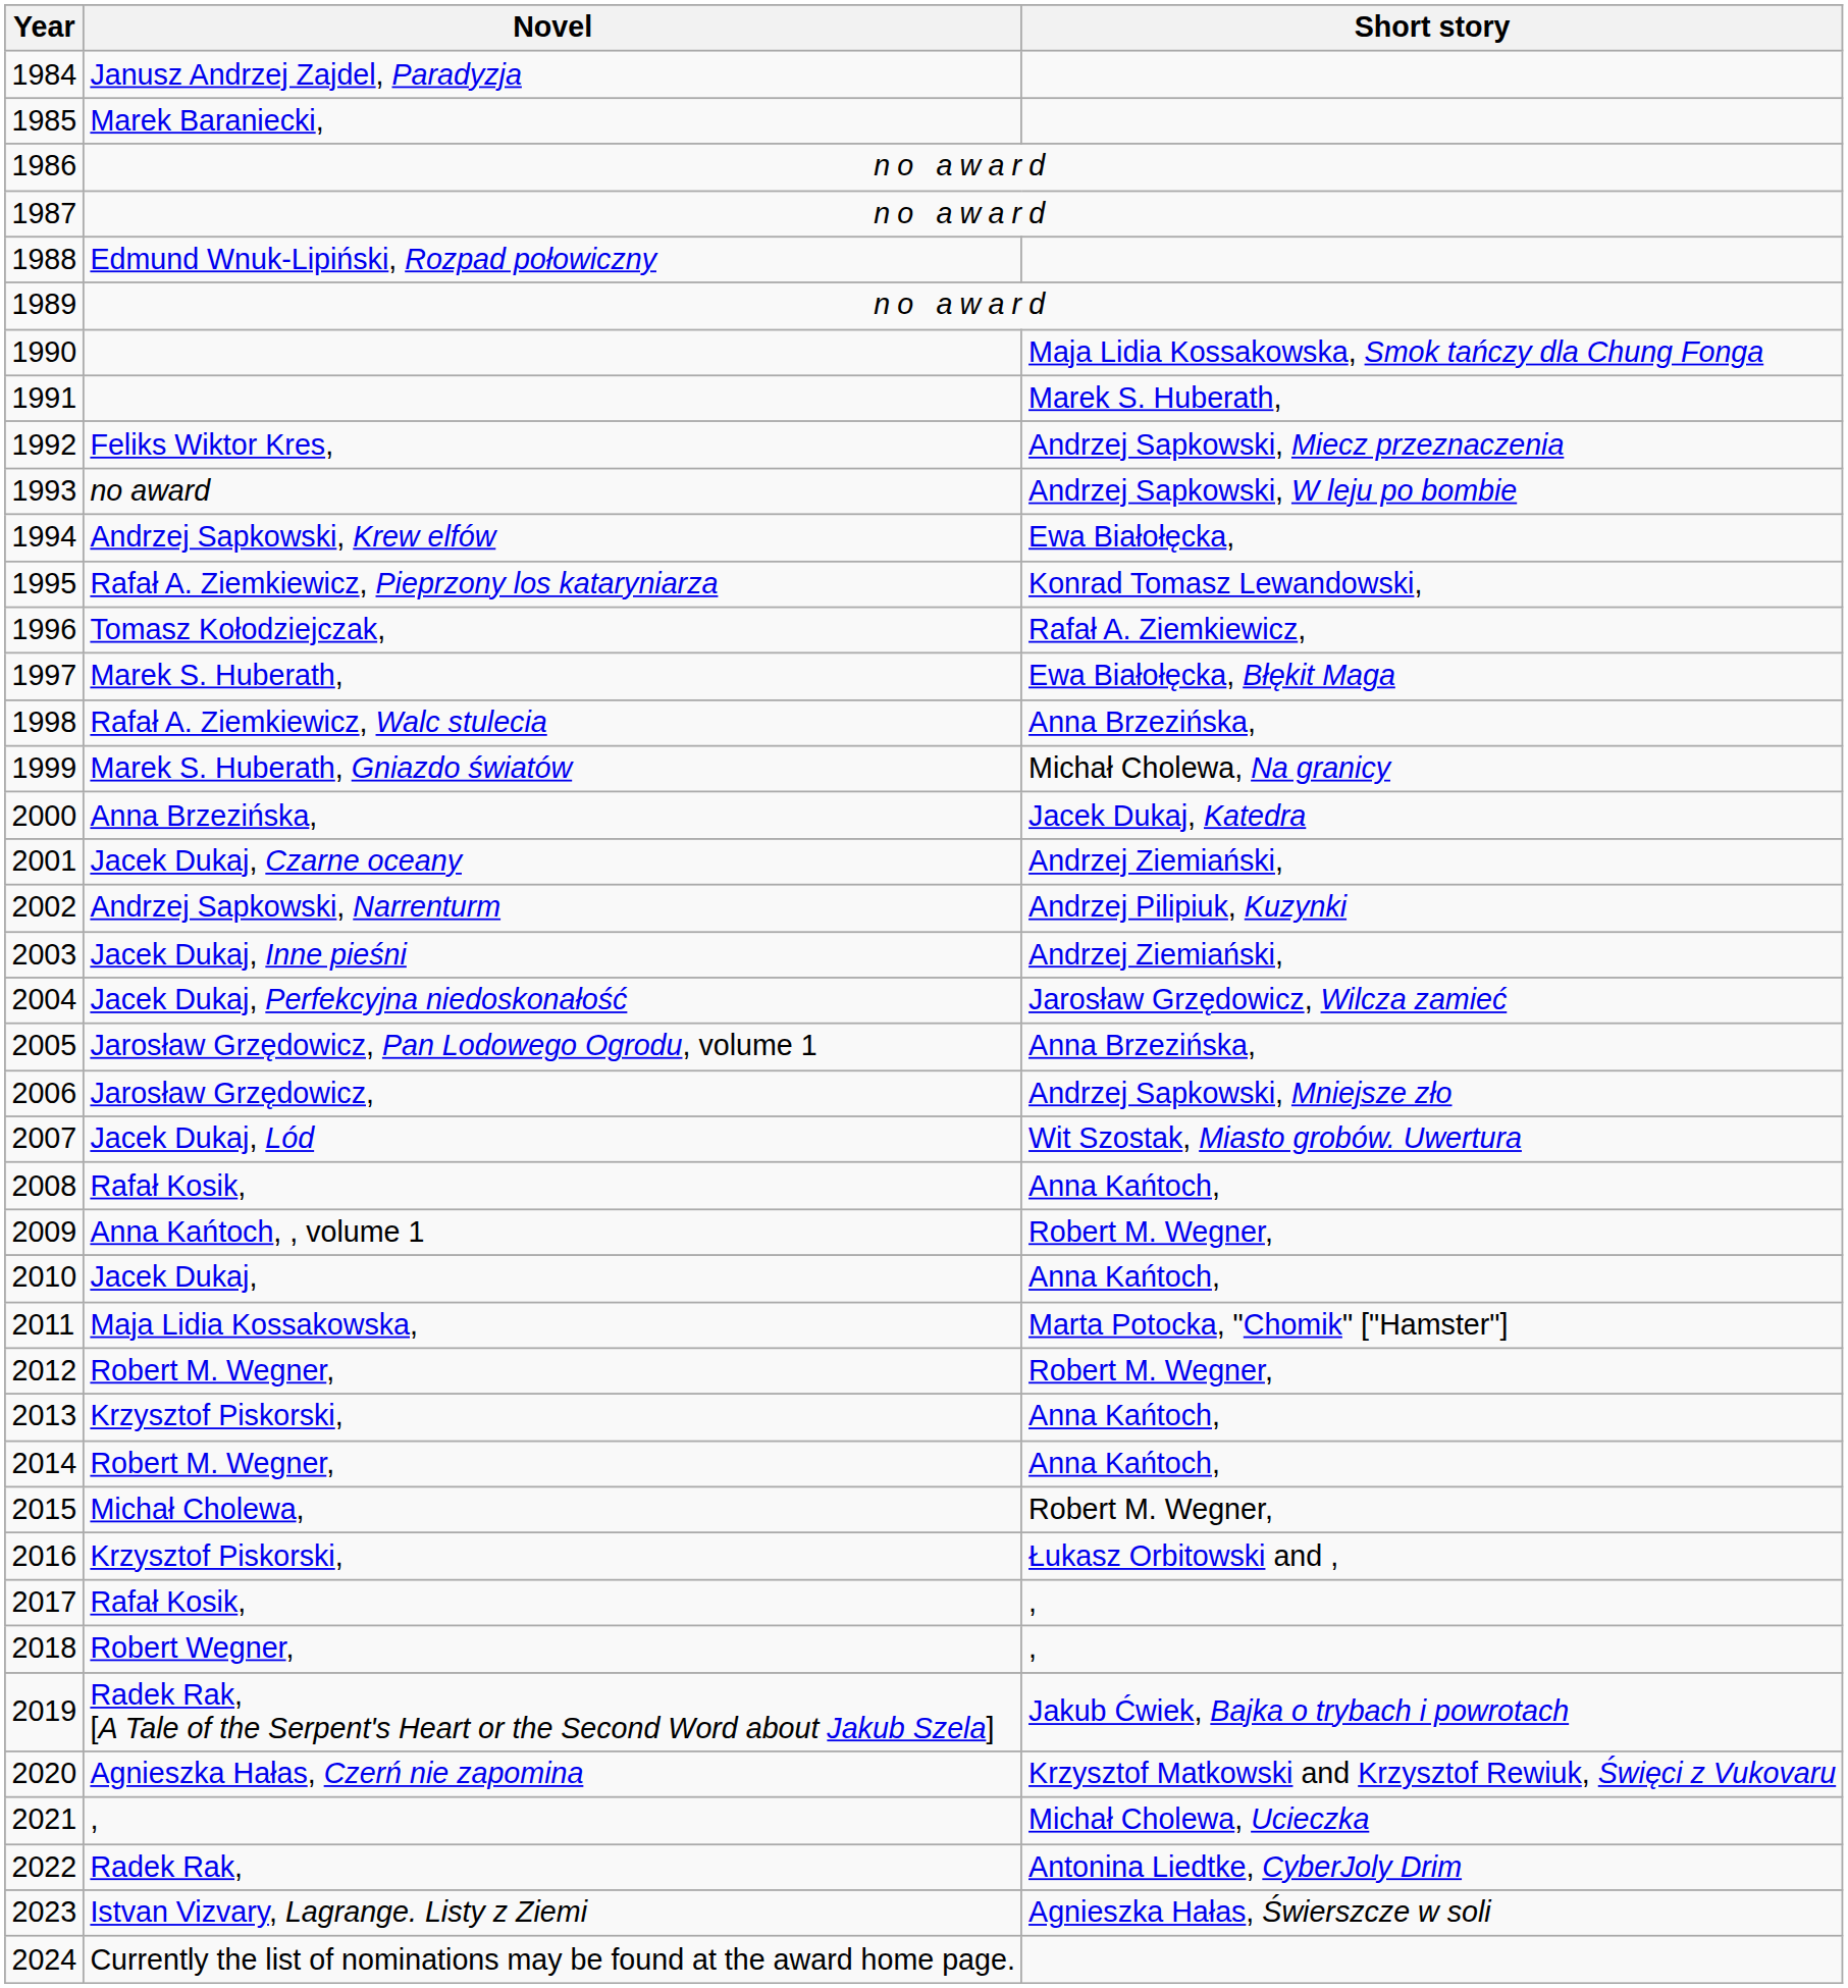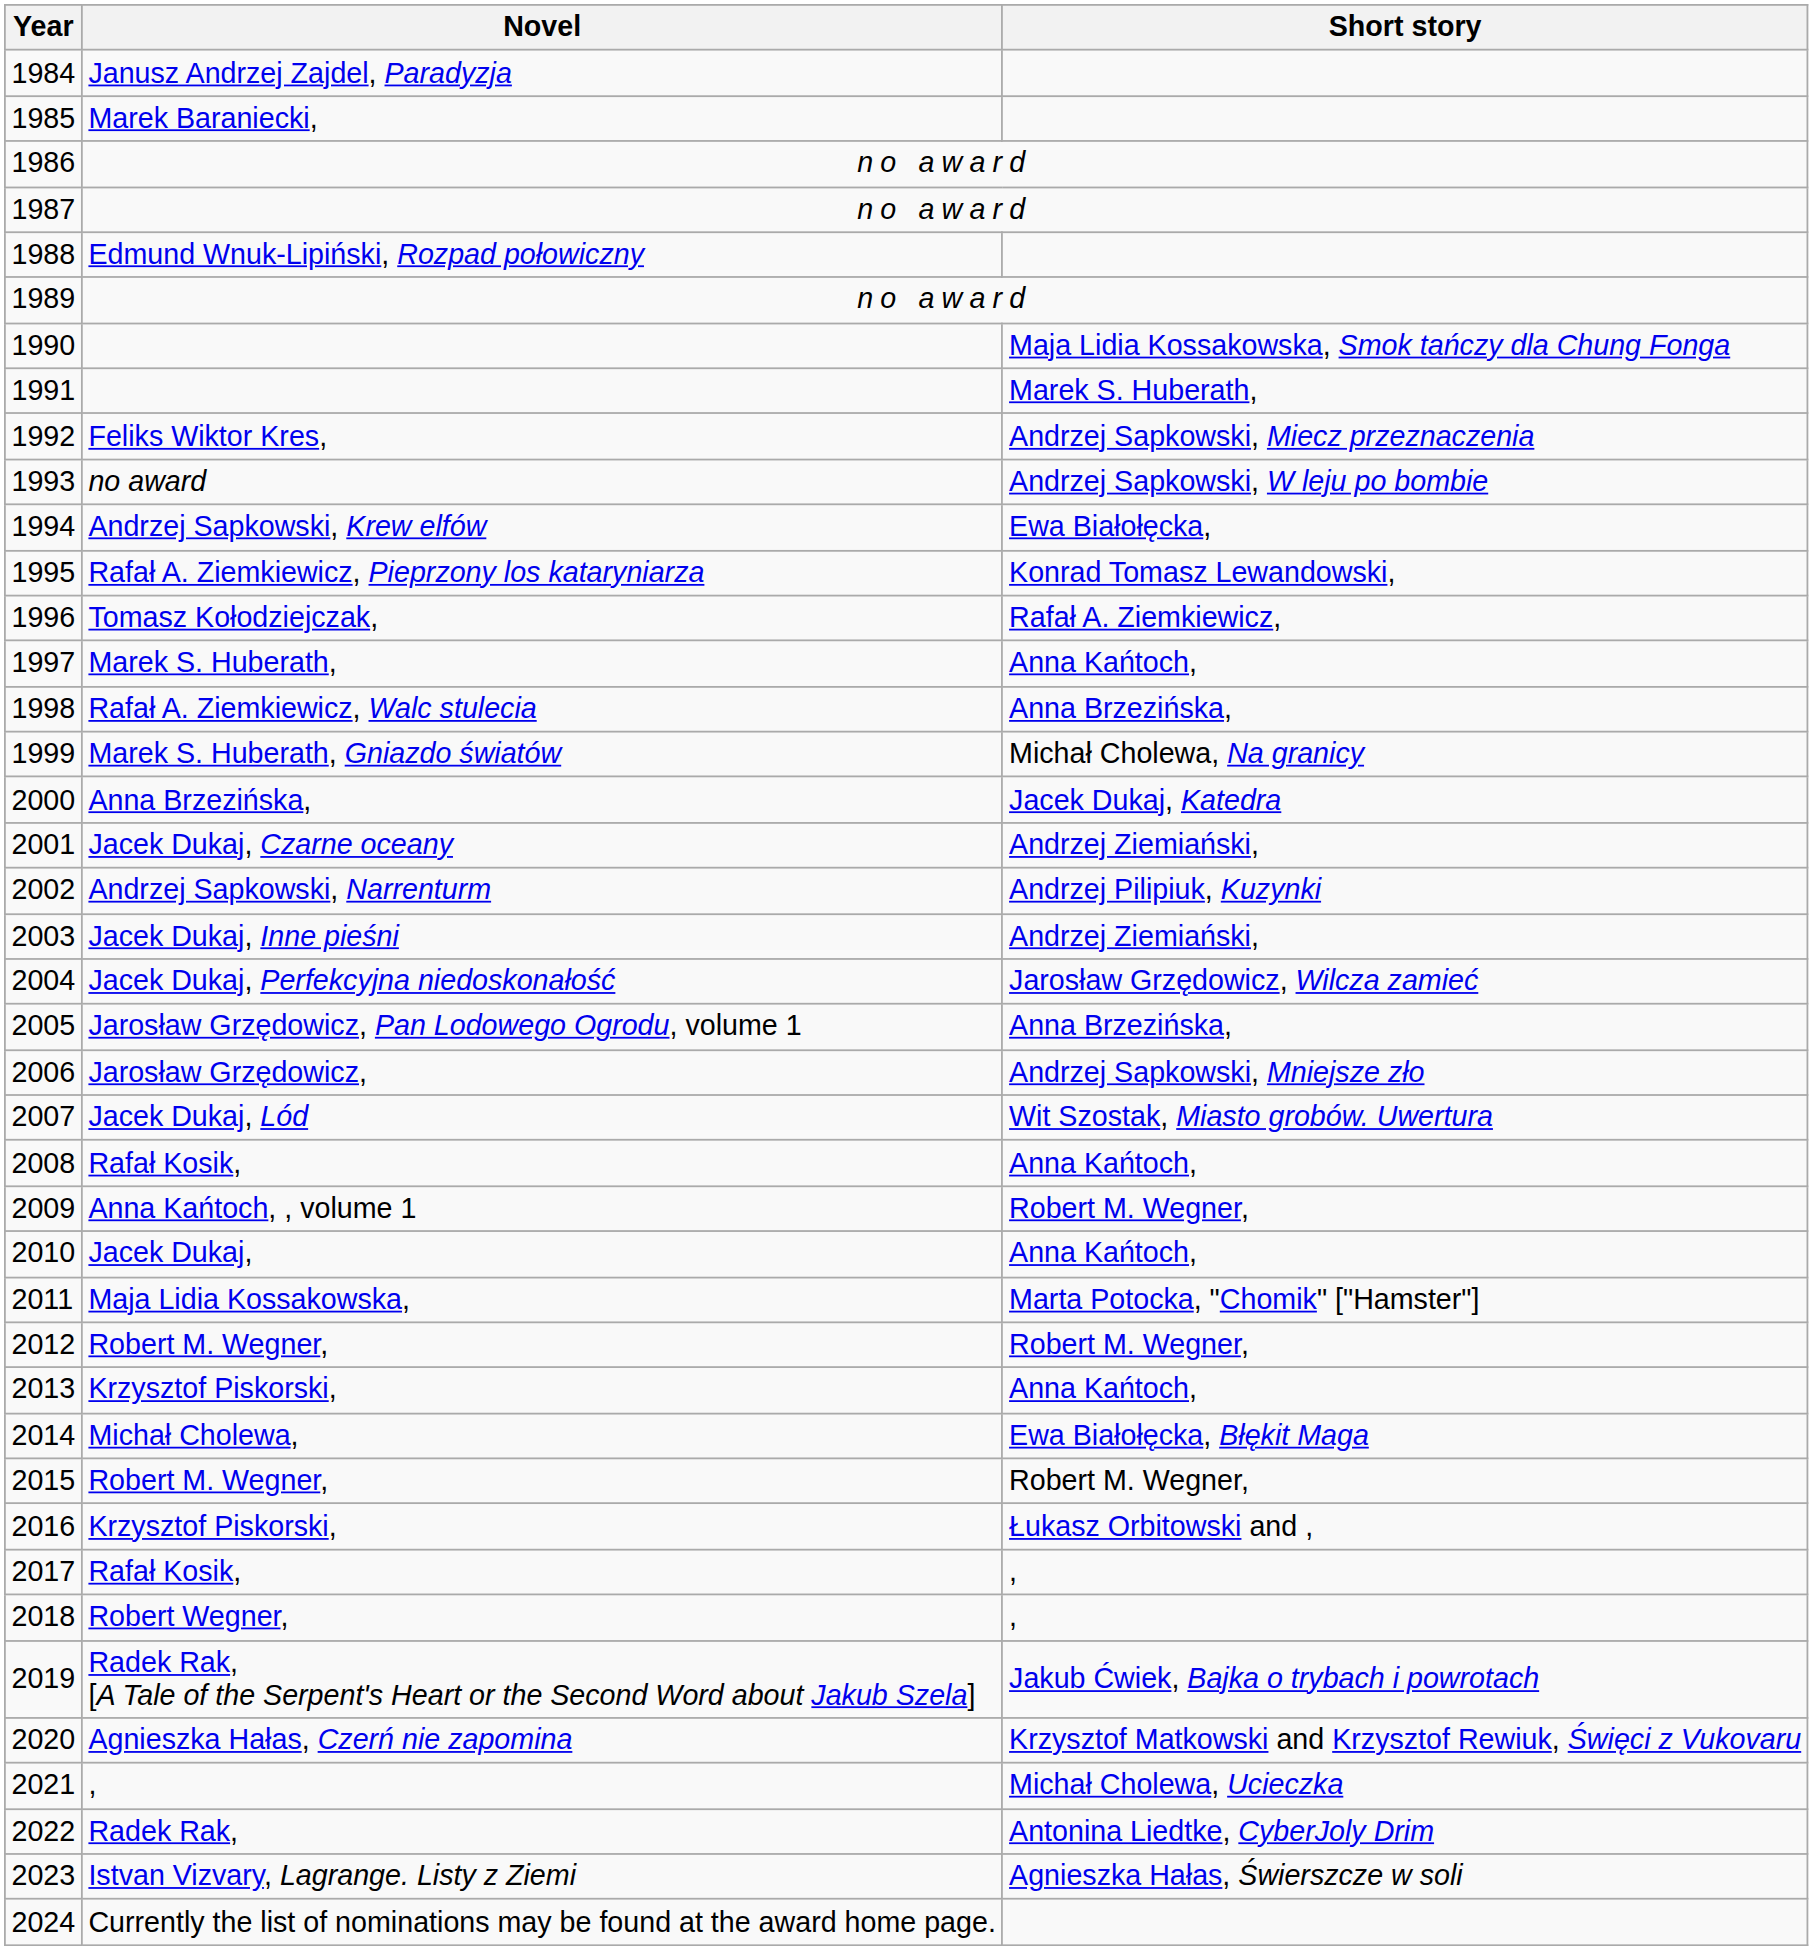 <table class="wikitable">
 <tr>
 <th>Year</th>
 <th>Novel</th>
 <th>Short story</th>
 </tr>
 <tr>
 <td>1984</td>
 <td><a href='#'>Janusz Andrzej Zajdel</a>, <em><a href='#'>Paradyzja</a></em></td>
 <td></td>
 </tr>
 <tr>
 <td>1985</td>
 <td><a href='#'>Marek Baraniecki</a>, <em></em></td>
 </tr>
 <tr>
 <td>1986</td>
 <td colspan=2 style="text-align:center;letter-spacing: 0.25em"><em>no award</em></td>
 </tr>
 <tr>
 <td>1987</td>
 <td colspan=2 style="text-align:center;letter-spacing: 0.25em"><em>no award</em></td>
 </tr>
 <tr>
 <td>1988</td>
 <td><a href='#'>Edmund Wnuk-Lipiński</a>, <em><a href='#'>Rozpad połowiczny</a></em></td>
 <td></td>
 </tr>
 <tr>
 <td>1989</td>
 <td colspan=2 style="text-align:center;letter-spacing: 0.25em"><em>no award</em></td>
 </tr>
 <tr>
 <td>1990</td>
 <td></td>
 <td><a href='#'>Maja Lidia Kossakowska</a>, <em><a href='#'>Smok tańczy dla Chung Fonga</a></em></td>
 </tr>
 <tr>
 <td>1991</td>
 <td></td>
 <td><a href='#'>Marek S. Huberath</a>, <em></em></td>
 </tr>
 <tr>
 <td>1992</td>
 <td><a href='#'>Feliks Wiktor Kres</a>, <em></em></td>
 <td><a href='#'>Andrzej Sapkowski</a>, <em><a href='#'>Miecz przeznaczenia</a></em></td>
 </tr>
 <tr>
 <td>1993</td>
 <td><em>no award</em></td>
 <td><a href='#'>Andrzej Sapkowski</a>, <em><a href='#'>W leju po bombie</a></em></td>
 </tr>
 <tr>
 <td>1994</td>
 <td><a href='#'>Andrzej Sapkowski</a>, <em><a href='#'>Krew elfów</a></em></td>
 <td><a href='#'>Ewa Białołęcka</a>, <em></em></td>
 </tr>
 <tr>
 <td>1995</td>
 <td><a href='#'>Rafał A. Ziemkiewicz</a>, <em><a href='#'>Pieprzony los kataryniarza</a></em></td>
 <td><a href='#'>Konrad Tomasz Lewandowski</a>, <em></em></td>
 </tr>
 <tr>
 <td>1996</td>
 <td><a href='#'>Tomasz Kołodziejczak</a>, <em></em></td>
 <td><a href='#'>Rafał A. Ziemkiewicz</a>, <em></em></td>
 </tr>
 <tr>
 <td>1997</td>
 <td><a href='#'>Marek S. Huberath</a>, <em></em></td>
-<td><a href='#'>Ewa Białołęcka</a>, <em><a href='#'>Błękit Maga</a></em></td>
+<td><a href='#'>Anna Kańtoch</a>, <em></em></td>
 </tr>
 <tr>
 <td>1998</td>
 <td><a href='#'>Rafał A. Ziemkiewicz</a>, <em><a href='#'>Walc stulecia</a></em></td>
 <td><a href='#'>Anna Brzezińska</a>, <em></em></td>
 </tr>
 <tr>
 <td>1999</td>
 <td><a href='#'>Marek S. Huberath</a>, <em><a href='#'>Gniazdo światów</a></em></td>
 <td>Michał Cholewa, <em><a href='#'>Na granicy</a></em></td>
 </tr>
 <tr>
 <td>2000</td>
 <td><a href='#'>Anna Brzezińska</a>, <em></em></td>
 <td><a href='#'>Jacek Dukaj</a>, <em><a href='#'>Katedra</a></em></td>
 </tr>
 <tr>
 <td>2001</td>
 <td><a href='#'>Jacek Dukaj</a>, <em><a href='#'>Czarne oceany</a></em></td>
 <td><a href='#'>Andrzej Ziemiański</a>, <em></em></td>
 </tr>
 <tr>
 <td>2002</td>
 <td><a href='#'>Andrzej Sapkowski</a>, <em><a href='#'>Narrenturm</a></em></td>
 <td><a href='#'>Andrzej Pilipiuk</a>, <em><a href='#'>Kuzynki</a></em></td>
 </tr>
 <tr>
 <td>2003</td>
 <td><a href='#'>Jacek Dukaj</a>, <em><a href='#'>Inne pieśni</a></em></td>
 <td><a href='#'>Andrzej Ziemiański</a>, <em></em></td>
 </tr>
 <tr>
 <td>2004</td>
 <td><a href='#'>Jacek Dukaj</a>, <em><a href='#'>Perfekcyjna niedoskonałość</a></em></td>
 <td><a href='#'>Jarosław Grzędowicz</a>, <em><a href='#'>Wilcza zamieć</a></em></td>
 </tr>
 <tr>
 <td>2005</td>
 <td><a href='#'>Jarosław Grzędowicz</a>, <em><a href='#'>Pan Lodowego Ogrodu</a></em>, volume 1</td>
 <td><a href='#'>Anna Brzezińska</a>, <em></em></td>
 </tr>
 <tr>
 <td>2006</td>
 <td><a href='#'>Jarosław Grzędowicz</a>, <em></em></td>
 <td><a href='#'>Andrzej Sapkowski</a>, <em><a href='#'>Mniejsze zło</a></em></td>
 </tr>
 <tr>
 <td>2007</td>
 <td><a href='#'>Jacek Dukaj</a>, <em><a href='#'>Lód</a></em></td>
 <td><a href='#'>Wit Szostak</a>, <em><a href='#'>Miasto grobów. Uwertura</a></em></td>
 </tr>
 <tr>
 <td>2008</td>
 <td><a href='#'>Rafał Kosik</a>, <em></em></td>
 <td><a href='#'>Anna Kańtoch</a>, <em></em></td>
 </tr>
 <tr>
 <td>2009</td>
 <td><a href='#'>Anna Kańtoch</a>, <em></em>, volume 1</td>
 <td><a href='#'>Robert M. Wegner</a>, <em></em></td>
 </tr>
 <tr>
 <td>2010</td>
 <td><a href='#'>Jacek Dukaj</a>, <em></em></td>
 <td><a href='#'>Anna Kańtoch</a>, <em></em></td>
 </tr>
 <tr>
 <td>2011</td>
 <td><a href='#'>Maja Lidia Kossakowska</a>, <em></em></td>
 <td><a href='#'>Marta Potocka</a>, "<a href='#'>Chomik</a>" ["Hamster"]</td>
 </tr>
 <tr>
 <td>2012</td>
 <td><a href='#'>Robert M. Wegner</a>, <em></em></td>
 <td><a href='#'>Robert M. Wegner</a>, <em></em></td>
 </tr>
 <tr>
 <td>2013</td>
 <td><a href='#'>Krzysztof Piskorski</a>, <em></em></td>
 <td><a href='#'>Anna Kańtoch</a>, <em></em></td>
 </tr>
 <tr>
 <td>2014</td>
-<td><a href='#'>Robert M. Wegner</a>, <em></em></td>
-<td><a href='#'>Anna Kańtoch</a>, <em></em></td>
+<td><a href='#'>Michał Cholewa</a>, <em></em></td>
+<td><a href='#'>Ewa Białołęcka</a>, <em><a href='#'>Błękit Maga</a></em></td>
 </tr>
 <tr>
 <td>2015</td>
-<td><a href='#'>Michał Cholewa</a>, <em></em></td>
+<td><a href='#'>Robert M. Wegner</a>, <em></em></td>
 <td>Robert M. Wegner, <em></em></td>
 </tr>
 <tr>
 <td>2016</td>
 <td><a href='#'>Krzysztof Piskorski</a>, <em></em></td>
 <td><a href='#'>Łukasz Orbitowski</a> and , <em></em></td>
 </tr>
 <tr>
 <td>2017</td>
 <td><a href='#'>Rafał Kosik</a>, <em></em></td>
 <td>, <em></em></td>
 </tr>
 <tr>
 <td>2018</td>
 <td><a href='#'>Robert Wegner</a>, <em></em></td>
 <td>, <em></em></td>
 </tr>
 <tr>
 <td>2019</td>
 <td><a href='#'>Radek Rak</a>, <em></em><br> [<em>A Tale of the Serpent's Heart or the Second Word about <a href='#'>Jakub Szela</a></em>]</td>
 <td><a href='#'>Jakub Ćwiek</a>, <em><a href='#'>Bajka o trybach i powrotach</a></em></td>
 </tr>
 <tr>
 <td>2020</td>
 <td><a href='#'>Agnieszka Hałas</a>, <em><a href='#'>Czerń nie zapomina</a></em></td>
 <td><a href='#'>Krzysztof Matkowski</a> and <a href='#'>Krzysztof Rewiuk</a>, <em><a href='#'>Święci z Vukovaru</a></em></td>
 </tr>
 <tr>
 <td>2021</td>
 <td>, <em></em></td>
 <td><a href='#'>Michał Cholewa</a>, <em><a href='#'>Ucieczka</a></em></td>
 </tr>
 <tr>
 <td>2022</td>
 <td><a href='#'>Radek Rak</a>, <em></em></td>
 <td><a href='#'>Antonina Liedtke</a>, <em><a href='#'>CyberJoly Drim</a></em></td>
 </tr>
 <tr>
 <td>2023</td>
 <td><a href='#'>Istvan Vizvary</a>, <em>Lagrange. Listy z Ziemi</em></td>
 <td><a href='#'>Agnieszka Hałas</a>, <em>Świerszcze w soli</em></td>
 </tr>
 <tr>
 <td>2024</td>
 <td>Currently the list of nominations may be found at the award home page.</td>
 <td></td>
 </tr>
 </table>
